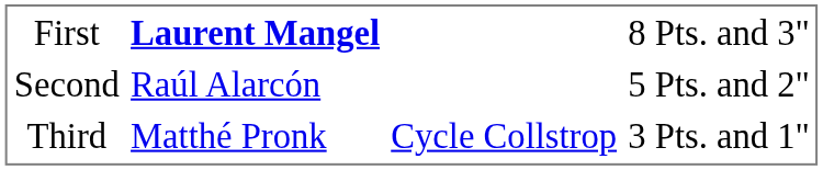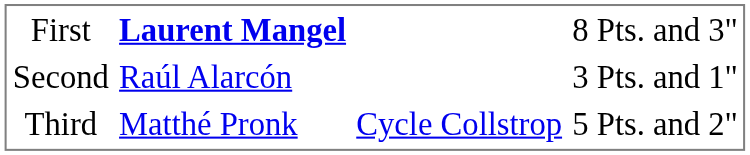 <table style="border-style:solid;border-width:1px;border-color:#808080;margin-left:15px" cellspacing="1" cellpadding="2">
 <tr ---- align="center">
 <td>First</td>
 <td align="left"><strong><a href='#'>Laurent Mangel</a></strong> </td>
 <td></td>
 <td>8 Pts. and 3"</td>
 </tr>
 <tr ---- align="center">
 <td>Second</td>
 <td align="left"><a href='#'>Raúl Alarcón</a> </td>
 <td></td>
-<td>5 Pts. and 2"</td>
+<td>3 Pts. and 1"</td>
 </tr>
 <tr ---- align="center">
 <td>Third</td>
 <td align="left"><a href='#'>Matthé Pronk</a> </td>
 <td><a href='#'>Cycle Collstrop</a></td>
-<td>3 Pts. and 1"</td>
+<td>5 Pts. and 2"</td>
 </tr>
 </table>
